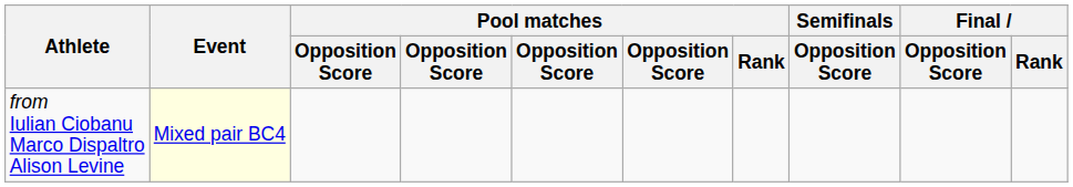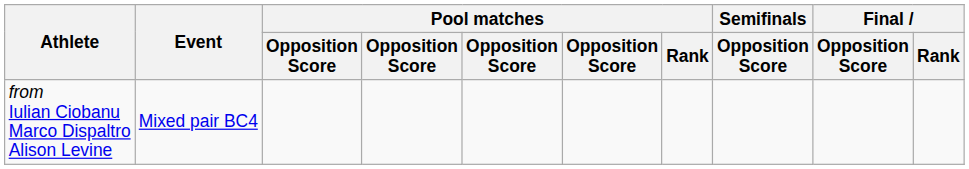 <table class=wikitable style="font-size:90%">
 <tr>
 <th rowspan="2">Athlete</th>
 <th rowspan="2">Event</th>
 <th colspan="5">Pool matches</th>
 <th>Semifinals</th>
 <th colspan=2>Final / </th>
 </tr>
 <tr>
 <th>Opposition<br>Score</th>
 <th>Opposition<br>Score</th>
 <th>Opposition<br>Score</th>
 <th>Opposition<br>Score</th>
 <th>Rank</th>
 <th>Opposition<br>Score</th>
 <th>Opposition<br>Score</th>
 <th>Rank</th>
 </tr>
 <tr>
 <td align=left><em>from</em><br><a href='#'>Iulian Ciobanu</a><br> <a href='#'>Marco Dispaltro</a><br> <a href='#'>Alison Levine</a></td>
-<td align=left style="background: lightyellow;"><a href='#'>Mixed pair BC4</a></td>
+<td align=left><a href='#'>Mixed pair BC4</a></td>
 <td><br></td>
 <td><br></td>
 <td><br></td>
 <td><br></td>
 <td></td>
 <td></td>
 <td></td>
 <td></td>
 </tr>
 </table>
